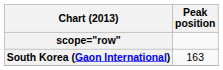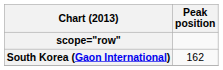 <table class="wikitable sortable plainrowheaders">
 <tr>
 <th scope="col">Chart (2013)</th>
 <th scope="col">Peak <br> position</th>
 </tr>
 <tr>
 <th>scope="row"</th>
 </tr>
 <tr>
 <th scope="row">South Korea (<a href='#'>Gaon International</a>)</th>
-<td style="text-align:center;">163</td>
+<td style="text-align:center;">162</td>
 </tr>
 <tr>
 </tr>
 </table>
